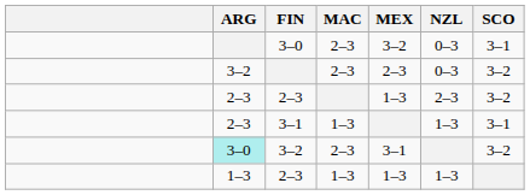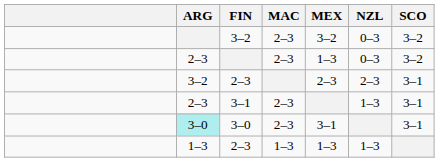 <table class="wikitable" style="text-align:center; font-size:90%">
 <tr>
 <th width="180"> </th>
 <th width="40">ARG</th>
 <th width="40">FIN</th>
 <th width="40">MAC</th>
 <th width="40">MEX</th>
 <th width="40">NZL</th>
 <th width="40">SCO</th>
 </tr>
 <tr>
 <td style="text-align:left;"></td>
 <th></th>
-<td>3–0</td>
+<td>3–2</td>
 <td>2–3</td>
 <td>3–2</td>
-<td>0–3</td>
-<td>3–1</td>
-</tr>
-<tr>
-<td style="text-align:left;"></td>
-<td>3–2</td>
-<th></th>
-<td>2–3</td>
-<td>2–3</td>
 <td>0–3</td>
 <td>3–2</td>
 </tr>
 <tr>
 <td style="text-align:left;"></td>
 <td>2–3</td>
+<th></th>
+<td>2–3</td>
+<td>1–3</td>
+<td>0–3</td>
+<td>3–2</td>
+</tr>
+<tr>
+<td style="text-align:left;"></td>
+<td>3–2</td>
 <td>2–3</td>
 <th></th>
-<td>1–3</td>
 <td>2–3</td>
-<td>3–2</td>
+<td>2–3</td>
+<td>3–1</td>
 </tr>
 <tr>
 <td style="text-align:left;"></td>
 <td>2–3</td>
 <td>3–1</td>
-<td>1–3</td>
+<td>2–3</td>
 <th></th>
 <td>1–3</td>
 <td>3–1</td>
 </tr>
 <tr>
 <td style="text-align:left;"></td>
 <td style="background: paleturquoise;">3–0</td>
-<td>3–2</td>
+<td>3–0</td>
 <td>2–3</td>
 <td>3–1</td>
 <th></th>
-<td>3–2</td>
+<td>3–1</td>
 </tr>
 <tr>
 <td style="text-align:left;"></td>
 <td>1–3</td>
 <td>2–3</td>
 <td>1–3</td>
 <td>1–3</td>
 <td>1–3</td>
 <th></th>
 </tr>
 </table>
